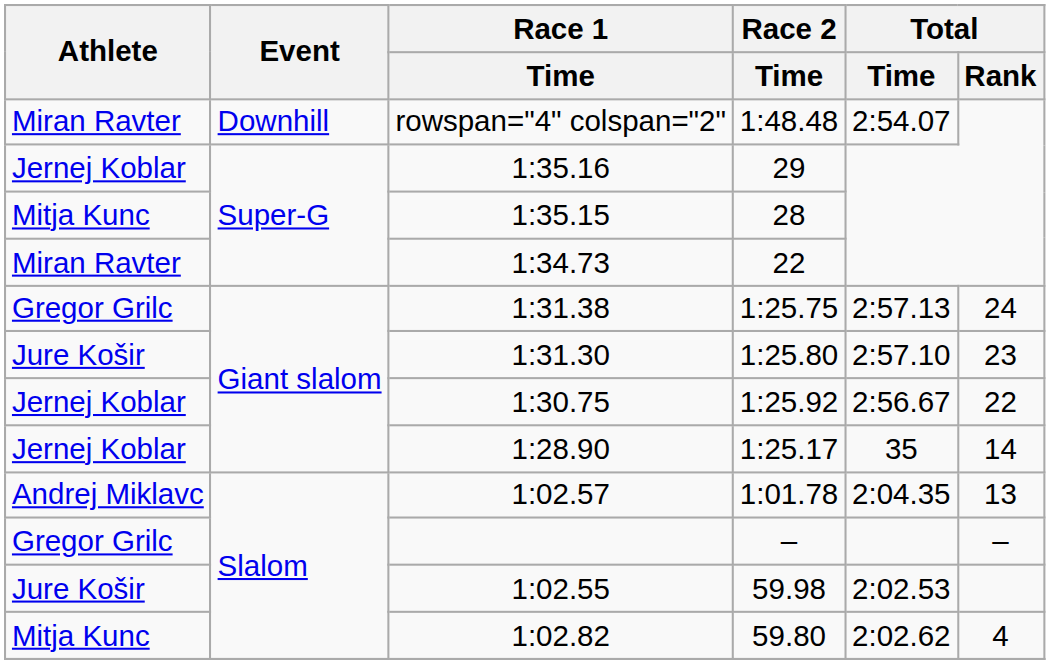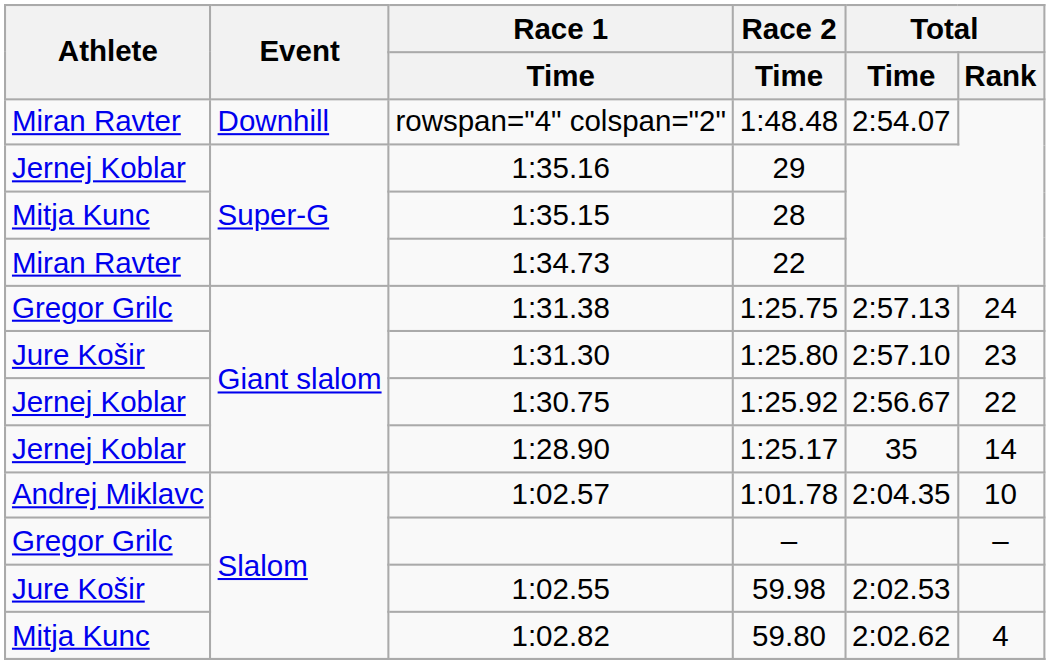 <table class="wikitable" style="font-size:90%">
 <tr>
 <th rowspan="2">Athlete</th>
 <th rowspan="2">Event</th>
 <th>Race 1</th>
 <th>Race 2</th>
 <th colspan="2">Total</th>
 </tr>
 <tr>
 <th>Time</th>
 <th>Time</th>
 <th>Time</th>
 <th>Rank</th>
 </tr>
 <tr>
 <td><a href='#'>Miran Ravter</a></td>
 <td><a href='#'>Downhill</a></td>
 <td>rowspan="4" colspan="2"</td>
 <td align="center">1:48.48</td>
 <td align="center">2:54.07</td>
 </tr>
 <tr>
 <td><a href='#'>Jernej Koblar</a></td>
 <td rowspan="3"><a href='#'>Super-G</a></td>
 <td align="center">1:35.16</td>
 <td align="center">29</td>
 </tr>
 <tr>
 <td><a href='#'>Mitja Kunc</a></td>
 <td align="center">1:35.15</td>
 <td align="center">28</td>
 </tr>
 <tr>
 <td><a href='#'>Miran Ravter</a></td>
 <td align="center">1:34.73</td>
 <td align="center">22</td>
 </tr>
 <tr>
 <td><a href='#'>Gregor Grilc</a></td>
 <td rowspan="4"><a href='#'>Giant slalom</a></td>
 <td align="center">1:31.38</td>
 <td align="center">1:25.75</td>
 <td align="center">2:57.13</td>
 <td align="center">24</td>
 </tr>
 <tr>
 <td><a href='#'>Jure Košir</a></td>
 <td align="center">1:31.30</td>
 <td align="center">1:25.80</td>
 <td align="center">2:57.10</td>
 <td align="center">23</td>
 </tr>
 <tr>
 <td><a href='#'>Jernej Koblar</a></td>
 <td align="center">1:30.75</td>
 <td align="center">1:25.92</td>
 <td align="center">2:56.67</td>
 <td align="center">22</td>
 </tr>
 <tr>
 <td><a href='#'>Jernej Koblar</a></td>
 <td align="center">1:28.90</td>
 <td align="center">1:25.17</td>
 <td align="center">35</td>
 <td align="center">14</td>
 </tr>
 <tr>
 <td><a href='#'>Andrej Miklavc</a></td>
 <td rowspan="4"><a href='#'>Slalom</a></td>
 <td align="center">1:02.57</td>
 <td align="center">1:01.78</td>
 <td align="center">2:04.35</td>
-<td align="center">13</td>
+<td align="center">10</td>
 </tr>
 <tr>
 <td><a href='#'>Gregor Grilc</a></td>
 <td align="center"></td>
 <td align="center">–</td>
 <td align="center"></td>
 <td align="center">–</td>
 </tr>
 <tr>
 <td><a href='#'>Jure Košir</a></td>
 <td align="center">1:02.55</td>
 <td align="center">59.98</td>
 <td align="center">2:02.53</td>
 <td align="center"></td>
 </tr>
 <tr>
 <td><a href='#'>Mitja Kunc</a></td>
 <td align="center">1:02.82</td>
 <td align="center">59.80</td>
 <td align="center">2:02.62</td>
 <td align="center">4</td>
 </tr>
 <tr>
 </tr>
 </table>
